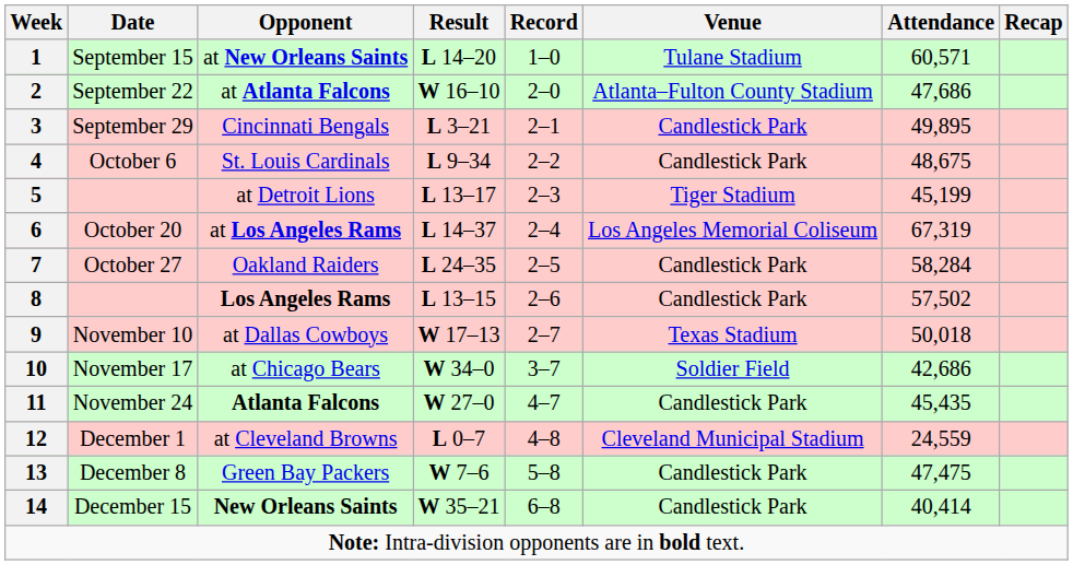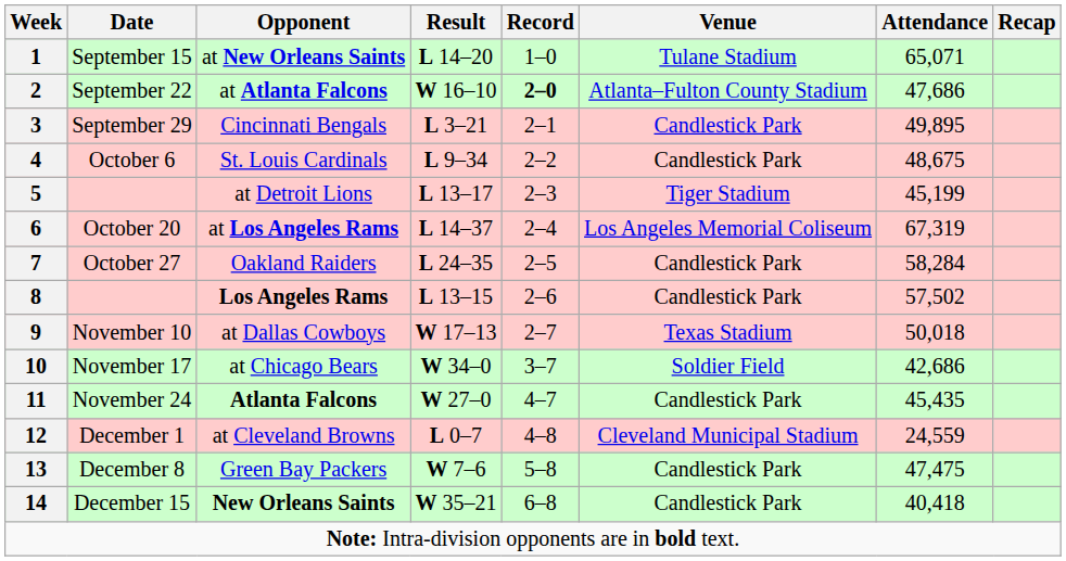 <table class="wikitable" style="text-align:center">
 <tr>
 <th>Week</th>
 <th>Date</th>
 <th>Opponent</th>
 <th>Result</th>
 <th>Record</th>
 <th>Venue</th>
 <th>Attendance</th>
 <th>Recap</th>
 </tr>
 <tr style="background:#cfc">
 <th>1</th>
 <td>September 15</td>
 <td>at <strong><a href='#'>New Orleans Saints</a></strong></td>
 <td><strong>L</strong> 14–20</td>
 <td>1–0</td>
 <td><a href='#'>Tulane Stadium</a></td>
-<td>60,571</td>
+<td>65,071</td>
 <td></td>
 </tr>
 <tr style="background:#cfc">
 <th>2</th>
 <td>September 22</td>
 <td>at <strong><a href='#'>Atlanta Falcons</a></strong></td>
 <td><strong>W</strong> 16–10</td>
-<td>2–0</td>
+<td><strong>2–0</strong></td>
 <td><a href='#'>Atlanta–Fulton County Stadium</a></td>
 <td>47,686</td>
 <td></td>
 </tr>
 <tr style="background:#fcc">
 <th>3</th>
 <td>September 29</td>
 <td><a href='#'>Cincinnati Bengals</a></td>
 <td><strong>L</strong> 3–21</td>
 <td>2–1</td>
 <td><a href='#'>Candlestick Park</a></td>
 <td>49,895</td>
 <td></td>
 </tr>
 <tr style="background:#fcc">
 <th>4</th>
 <td>October 6</td>
 <td><a href='#'>St. Louis Cardinals</a></td>
 <td><strong>L</strong> 9–34</td>
 <td>2–2</td>
 <td>Candlestick Park</td>
 <td>48,675</td>
 <td></td>
 </tr>
 <tr style="background:#fcc">
 <th>5</th>
 <td></td>
 <td>at <a href='#'>Detroit Lions</a></td>
 <td><strong>L</strong> 13–17</td>
 <td>2–3</td>
 <td><a href='#'>Tiger Stadium</a></td>
 <td>45,199</td>
 <td></td>
 </tr>
 <tr style="background:#fcc">
 <th>6</th>
 <td>October 20</td>
 <td>at <strong><a href='#'>Los Angeles Rams</a></strong></td>
 <td><strong>L</strong> 14–37</td>
 <td>2–4</td>
 <td><a href='#'>Los Angeles Memorial Coliseum</a></td>
 <td>67,319</td>
 <td></td>
 </tr>
 <tr style="background:#fcc">
 <th>7</th>
 <td>October 27</td>
 <td><a href='#'>Oakland Raiders</a></td>
 <td><strong>L</strong> 24–35</td>
 <td>2–5</td>
 <td>Candlestick Park</td>
 <td>58,284</td>
 <td></td>
 </tr>
 <tr style="background:#fcc">
 <th>8</th>
 <td></td>
 <td><strong>Los Angeles Rams</strong></td>
 <td><strong>L</strong> 13–15</td>
 <td>2–6</td>
 <td>Candlestick Park</td>
 <td>57,502</td>
 <td></td>
 </tr>
 <tr style="background:#fcc">
 <th>9</th>
 <td>November 10</td>
 <td>at <a href='#'>Dallas Cowboys</a></td>
 <td><strong>W</strong> 17–13</td>
 <td>2–7</td>
 <td><a href='#'>Texas Stadium</a></td>
 <td>50,018</td>
 <td></td>
 </tr>
 <tr style="background:#cfc">
 <th>10</th>
 <td>November 17</td>
 <td>at <a href='#'>Chicago Bears</a></td>
 <td><strong>W</strong> 34–0</td>
 <td>3–7</td>
 <td><a href='#'>Soldier Field</a></td>
 <td>42,686</td>
 <td></td>
 </tr>
 <tr style="background:#cfc">
 <th>11</th>
 <td>November 24</td>
 <td><strong>Atlanta Falcons</strong></td>
 <td><strong>W</strong> 27–0</td>
 <td>4–7</td>
 <td>Candlestick Park</td>
 <td>45,435</td>
 <td></td>
 </tr>
 <tr style="background:#fcc">
 <th>12</th>
 <td>December 1</td>
 <td>at <a href='#'>Cleveland Browns</a></td>
 <td><strong>L</strong> 0–7</td>
 <td>4–8</td>
 <td><a href='#'>Cleveland Municipal Stadium</a></td>
 <td>24,559</td>
 <td></td>
 </tr>
 <tr style="background:#cfc">
 <th>13</th>
 <td>December 8</td>
 <td><a href='#'>Green Bay Packers</a></td>
 <td><strong>W</strong> 7–6</td>
 <td>5–8</td>
 <td>Candlestick Park</td>
 <td>47,475</td>
 <td></td>
 </tr>
 <tr style="background:#cfc">
 <th>14</th>
 <td>December 15</td>
 <td><strong>New Orleans Saints</strong></td>
 <td><strong>W</strong> 35–21</td>
 <td>6–8</td>
 <td>Candlestick Park</td>
-<td>40,414</td>
+<td>40,418</td>
 <td></td>
 </tr>
 <tr>
 <td colspan="8"><strong>Note:</strong> Intra-division opponents are in <strong>bold</strong> text.</td>
 </tr>
 </table>
